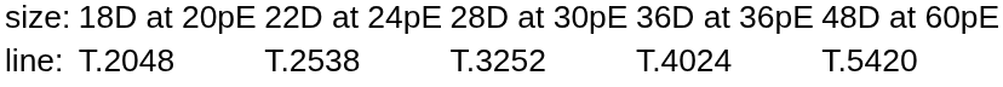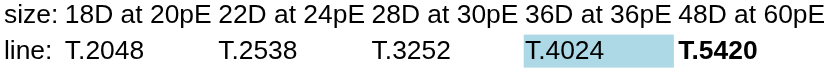 <table style="margin-left:40px;">
 <tr>
 <td>size:</td>
 <td>18D at 20pE</td>
 <td>22D at 24pE</td>
 <td>28D at 30pE</td>
 <td>36D at 36pE</td>
 <td>48D at 60pE</td>
 </tr>
 <tr>
 <td>line:</td>
 <td>T.2048</td>
 <td>T.2538</td>
 <td>T.3252</td>
-<td>T.4024</td>
-<td>T.5420</td>
+<td style="background: lightblue;">T.4024</td>
+<td><strong>T.5420</strong></td>
 </tr>
 </table>
